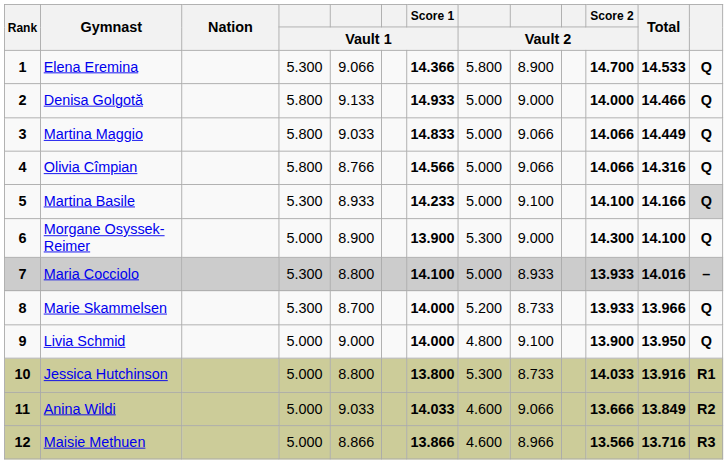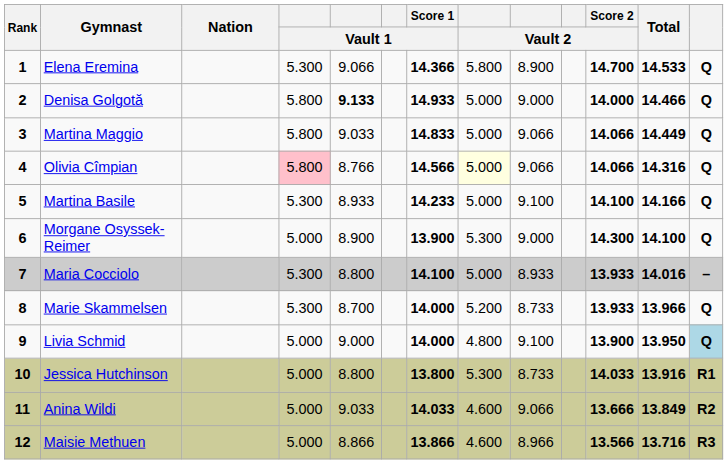 <table class="wikitable sortable" style="text-align:center;">
 <tr>
 <th rowspan="2" style="width:15px;"><small>Rank</small></th>
 <th rowspan="2" style="width:150px;">Gymnast</th>
 <th rowspan="2" style="width:100px;">Nation</th>
 <th style="width:50px;"><small></small></th>
 <th style="width:50px;"><small></small></th>
 <th style="width:20px;"><small></small></th>
 <th style="width:50px;"><small>Score 1</small></th>
 <th style="width:50px;"><small></small></th>
 <th style="width:50px;"><small></small></th>
 <th style="width:20px;"><small></small></th>
 <th style="width:50px;"><small>Score 2</small></th>
 <th rowspan="2" style="width:50px;">Total</th>
 <th rowspan="2" style="width:30px;"><small></small></th>
 </tr>
 <tr>
 <th colspan="4">Vault 1</th>
 <th colspan="4">Vault 2</th>
 </tr>
 <tr>
 <td scope="row" style="text-align:center"><strong>1</strong></td>
 <td style="height:30px; text-align:left;"><a href='#'>Elena Eremina</a></td>
 <td style="text-align:left;"></td>
 <td>5.300</td>
 <td>9.066</td>
 <td></td>
 <td><strong>14.366</strong></td>
 <td>5.800</td>
 <td>8.900</td>
 <td></td>
 <td><strong>14.700</strong></td>
 <td><strong>14.533</strong></td>
 <td><strong>Q</strong></td>
 </tr>
 <tr>
 <td scope="row" style="text-align:center"><strong>2</strong></td>
 <td style="height:30px; text-align:left;"><a href='#'>Denisa Golgotă</a></td>
 <td style="text-align:left;"></td>
 <td>5.800</td>
-<td>9.133</td>
+<td><strong>9.133</strong></td>
 <td></td>
 <td><strong>14.933</strong></td>
 <td>5.000</td>
 <td>9.000</td>
 <td></td>
 <td><strong>14.000</strong></td>
 <td><strong>14.466</strong></td>
 <td><strong>Q</strong></td>
 </tr>
 <tr>
 <td scope="row" style="text-align:center"><strong>3</strong></td>
 <td style="height:30px; text-align:left;"><a href='#'>Martina Maggio</a></td>
 <td style="text-align:left;"></td>
 <td>5.800</td>
 <td>9.033</td>
 <td></td>
 <td><strong>14.833</strong></td>
 <td>5.000</td>
 <td>9.066</td>
 <td></td>
 <td><strong>14.066</strong></td>
 <td><strong>14.449</strong></td>
 <td><strong>Q</strong></td>
 </tr>
 <tr>
 <td scope="row" style="text-align:center"><strong>4</strong></td>
 <td style="height:30px; text-align:left;"><a href='#'>Olivia Cîmpian</a></td>
 <td style="text-align:left;"></td>
-<td>5.800</td>
+<td style="background: pink;">5.800</td>
 <td>8.766</td>
 <td></td>
 <td><strong>14.566</strong></td>
-<td>5.000</td>
+<td style="background: lightyellow;">5.000</td>
 <td>9.066</td>
 <td></td>
 <td><strong>14.066</strong></td>
 <td><strong>14.316</strong></td>
 <td><strong>Q</strong></td>
 </tr>
 <tr>
 <td scope="row" style="text-align:center"><strong>5</strong></td>
 <td style="height:30px; text-align:left;"><a href='#'>Martina Basile</a></td>
 <td style="text-align:left;"></td>
 <td>5.300</td>
 <td>8.933</td>
 <td></td>
 <td><strong>14.233</strong></td>
 <td>5.000</td>
 <td>9.100</td>
 <td></td>
 <td><strong>14.100</strong></td>
 <td><strong>14.166</strong></td>
-<td style="background: lightgrey;"><strong>Q</strong></td>
+<td><strong>Q</strong></td>
 </tr>
 <tr>
 <td scope="row" style="text-align:center"><strong>6</strong></td>
 <td style="height:30px; text-align:left;"><a href='#'>Morgane Osyssek-Reimer</a></td>
 <td style="text-align:left;"></td>
 <td>5.000</td>
 <td>8.900</td>
 <td></td>
 <td><strong>13.900</strong></td>
 <td>5.300</td>
 <td>9.000</td>
 <td></td>
 <td><strong>14.300</strong></td>
 <td><strong>14.100</strong></td>
 <td><strong>Q</strong></td>
 </tr>
 <tr style="background:#cccccc;">
 <td scope="row" style="text-align:center"><strong>7</strong></td>
 <td style="height:30px; text-align:left;"><a href='#'>Maria Cocciolo</a></td>
 <td style="text-align:left;"></td>
 <td>5.300</td>
 <td>8.800</td>
 <td></td>
 <td><strong>14.100</strong></td>
 <td>5.000</td>
 <td>8.933</td>
 <td></td>
 <td><strong>13.933</strong></td>
 <td><strong>14.016</strong></td>
 <td><strong>–</strong></td>
 </tr>
 <tr>
 <td scope="row" style="text-align:center"><strong>8</strong></td>
 <td style="height:30px; text-align:left;"><a href='#'>Marie Skammelsen</a></td>
 <td style="text-align:left;"></td>
 <td>5.300</td>
 <td>8.700</td>
 <td></td>
 <td><strong>14.000</strong></td>
 <td>5.200</td>
 <td>8.733</td>
 <td></td>
 <td><strong>13.933</strong></td>
 <td><strong>13.966</strong></td>
 <td><strong>Q</strong></td>
 </tr>
 <tr>
 <td scope="row" style="text-align:center"><strong>9</strong></td>
 <td style="height:30px; text-align:left;"><a href='#'>Livia Schmid</a></td>
 <td style="text-align:left;"></td>
 <td>5.000</td>
 <td>9.000</td>
 <td></td>
 <td><strong>14.000</strong></td>
 <td>4.800</td>
 <td>9.100</td>
 <td></td>
 <td><strong>13.900</strong></td>
 <td><strong>13.950</strong></td>
-<td><strong>Q</strong></td>
+<td style="background: lightblue;"><strong>Q</strong></td>
 </tr>
 <tr style="background:#cccc99;">
 <td scope="row" style="text-align:center"><strong>10</strong></td>
 <td style="height:30px; text-align:left;"><a href='#'>Jessica Hutchinson</a></td>
 <td style="text-align:left;"></td>
 <td>5.000</td>
 <td>8.800</td>
 <td></td>
 <td><strong>13.800</strong></td>
 <td>5.300</td>
 <td>8.733</td>
 <td></td>
 <td><strong>14.033</strong></td>
 <td><strong>13.916</strong></td>
 <td><strong>R1</strong></td>
 </tr>
 <tr style="background:#cccc99;">
 <td scope="row" style="text-align:center"><strong>11</strong></td>
 <td style="height:30px; text-align:left;"><a href='#'>Anina Wildi</a></td>
 <td style="text-align:left;"></td>
 <td>5.000</td>
 <td>9.033</td>
 <td></td>
 <td><strong>14.033</strong></td>
 <td>4.600</td>
 <td>9.066</td>
 <td></td>
 <td><strong>13.666</strong></td>
 <td><strong>13.849</strong></td>
 <td><strong>R2</strong></td>
 </tr>
 <tr style="background:#cccc99;">
 <td scope="row" style="text-align:center"><strong>12</strong></td>
 <td style="height:30px; text-align:left;"><a href='#'>Maisie Methuen</a></td>
 <td style="text-align:left;"></td>
 <td>5.000</td>
 <td>8.866</td>
 <td></td>
 <td><strong>13.866</strong></td>
 <td>4.600</td>
 <td>8.966</td>
 <td></td>
 <td><strong>13.566</strong></td>
 <td><strong>13.716</strong></td>
 <td><strong>R3</strong></td>
 </tr>
 </table>
